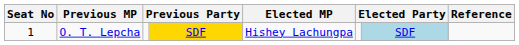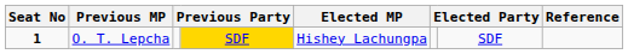 <table class="wikitable">
 <tr>
 <th>Seat No</th>
 <th>Previous MP</th>
 <th colspan=2>Previous Party</th>
 <th>Elected MP</th>
 <th colspan=2>Elected Party</th>
 <th>Reference</th>
 </tr>
 <tr style="text-align:center;">
-<td>1</td>
+<td><strong>1</strong></td>
 <td><a href='#'>O. T. Lepcha</a></td>
 <td width="1px"></td>
 <td style="background: gold;"><a href='#'>SDF</a></td>
 <td><a href='#'>Hishey Lachungpa</a></td>
 <td width="1px"></td>
-<td style="background: lightblue;"><a href='#'>SDF</a></td>
+<td><a href='#'>SDF</a></td>
 <td rowspan=1></td>
 </tr>
 </table>
